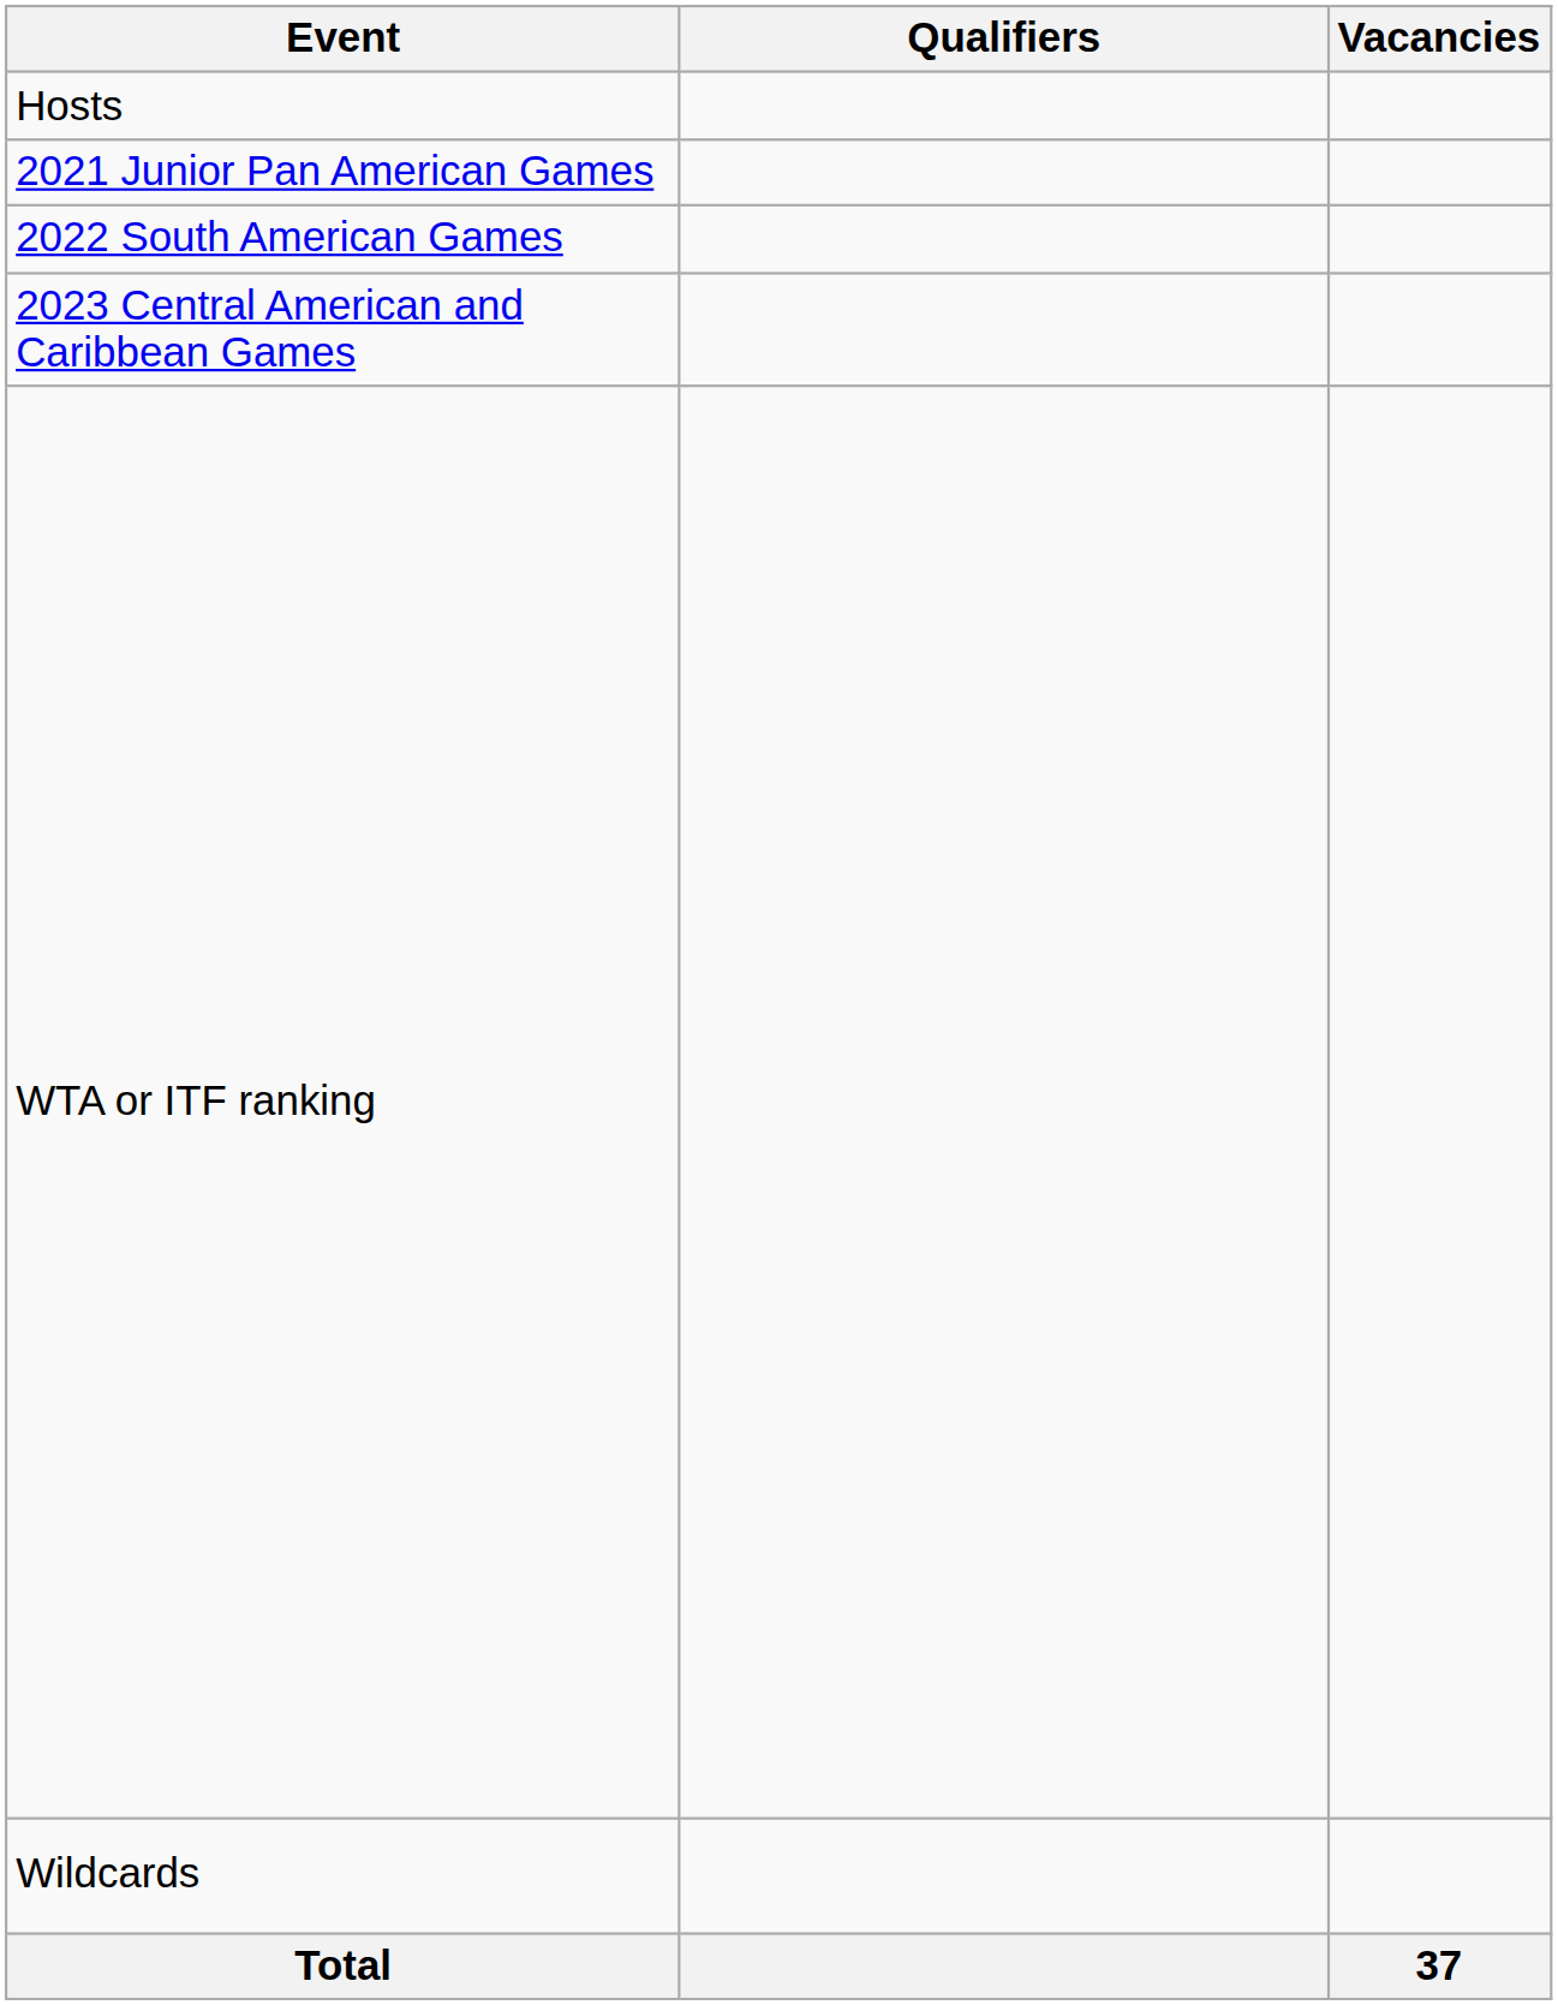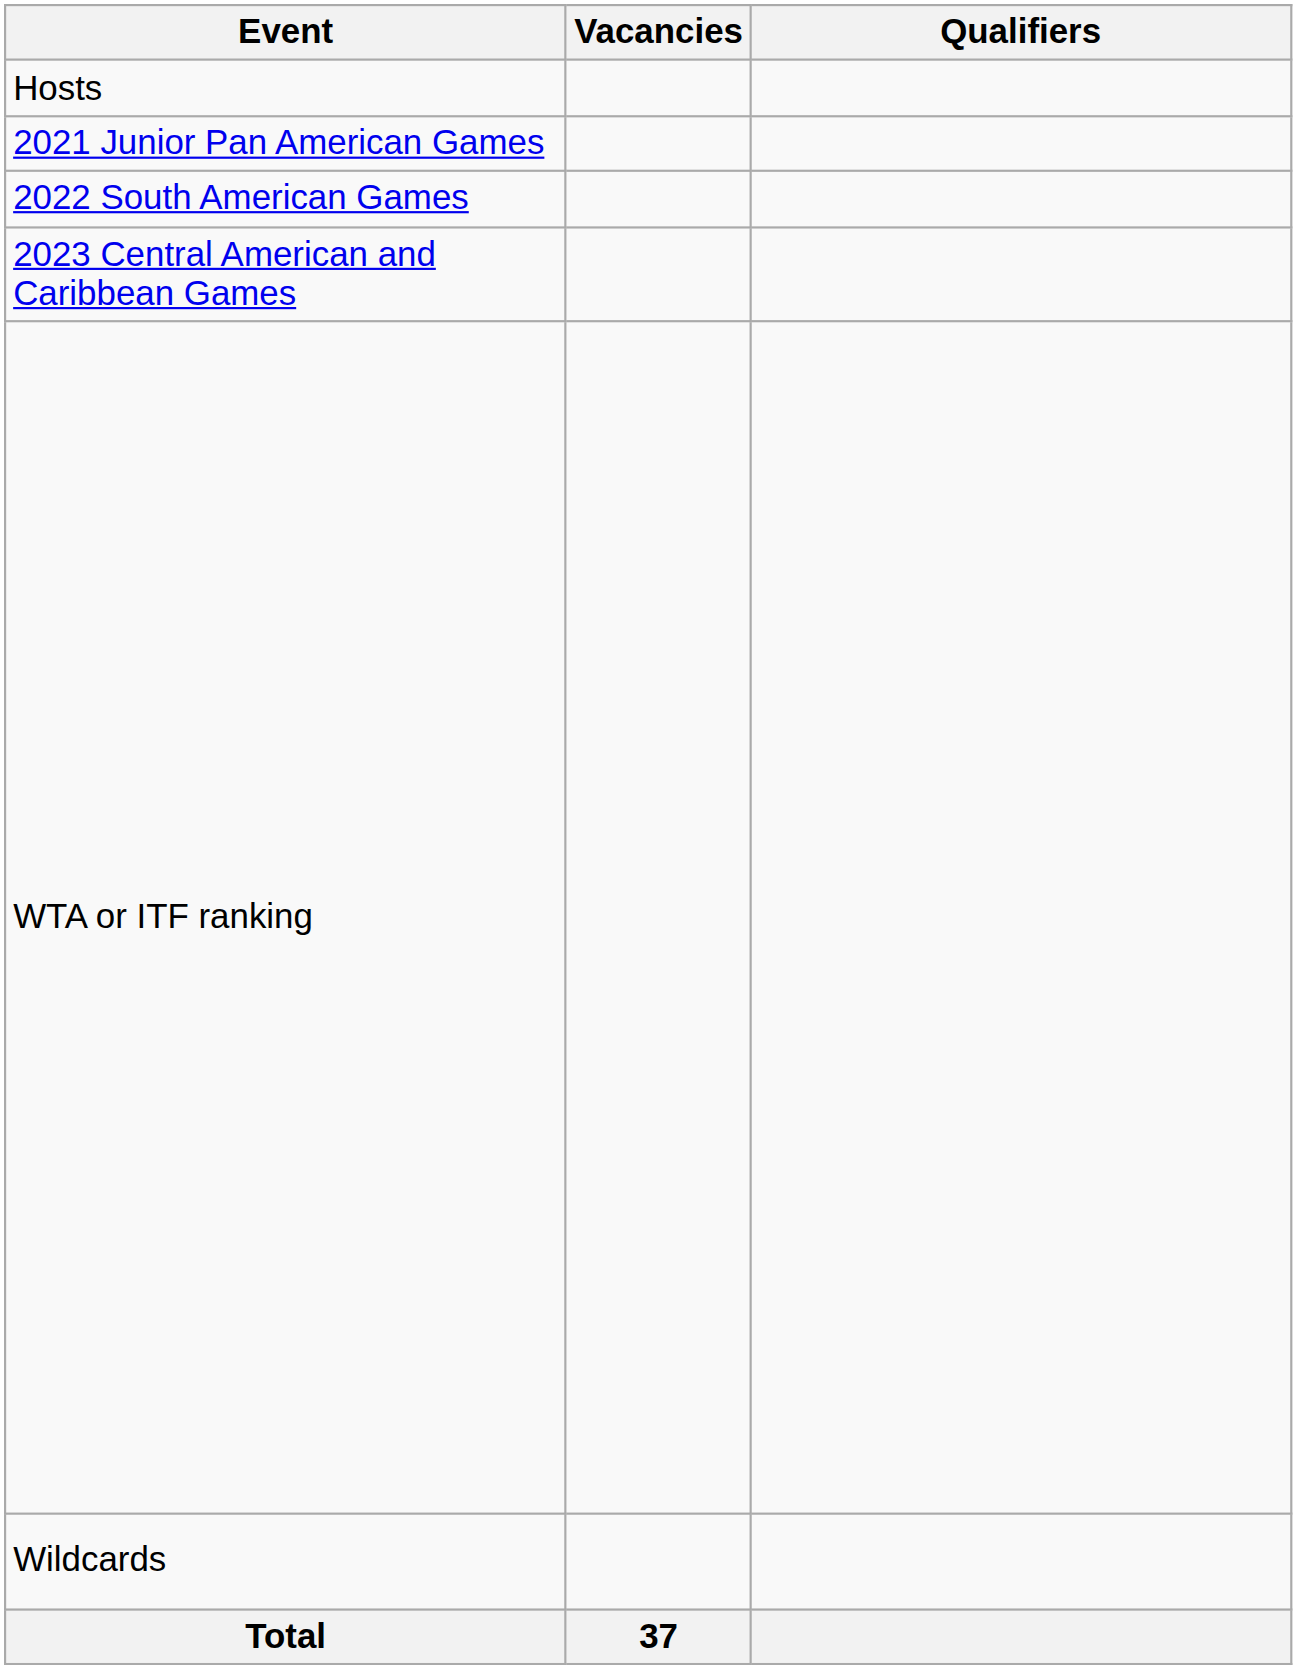 <table class="wikitable" style="text-align:left; font-size:100%">
 <tr>
 <th width=250>Event</th>
+<th width=50>Vacancies</th>
 <th width=240>Qualifiers</th>
-<th width=50>Vacancies</th>
 </tr>
 <tr>
 <td>Hosts</td>
+<td></td>
 <td><br></td>
-<td></td>
 </tr>
 <tr>
 <td><a href='#'>2021 Junior Pan American Games</a></td>
 <td></td>
 <td></td>
 </tr>
 <tr>
 <td><a href='#'>2022 South American Games</a></td>
+<td></td>
 <td><br><s></s></td>
-<td></td>
 </tr>
 <tr>
 <td><a href='#'>2023 Central American and Caribbean Games</a></td>
+<td></td>
 <td><s></s><br></td>
-<td></td>
 </tr>
 <tr>
 <td>WTA or ITF ranking</td>
+<td></td>
 <td><br><br> <br> <br> <br> <br> <br> <br> <br> <br> <br> <br> <br> <br> <br> <br> <br> <br> <br> <br> <br> <br> <br> <br> <br> <br> <br> <br> <br> <br></td>
-<td></td>
 </tr>
 <tr>
 <td>Wildcards</td>
+<td></td>
 <td><br><br></td>
-<td></td>
 </tr>
 <tr>
 <th>Total</th>
+<th>37</th>
 <th></th>
-<th>37</th>
 </tr>
 </table>
